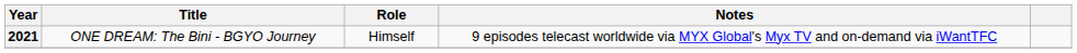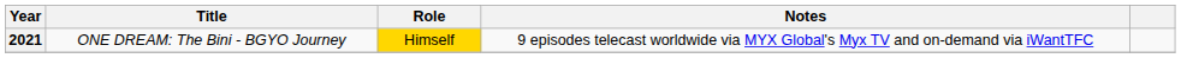 <table class="wikitable sortable plainrowheaders" style="text-align:center;">
 <tr>
 <th style="width:1em;" scope="col">Year</th>
 <th style="width:25em;" scope="col">Title</th>
 <th style="width:7em;" scope="col">Role</th>
 <th style="width:50em;" scope="col">Notes</th>
 <th style="width:3em;" scope="col"></th>
 </tr>
 <tr>
 <th style="text-align:center" scope="row"><strong>2021</strong></th>
 <td><em>ONE DREAM: The Bini - BGYO Journey</em></td>
-<td style="text-align:center;" rowspan="1">Himself</td>
+<td style="background: gold; text-align:center;" rowspan="1">Himself</td>
 <td>9 episodes telecast worldwide via <a href='#'>MYX Global</a>'s <a href='#'>Myx TV</a> and on-demand via <a href='#'>iWantTFC</a></td>
 <td style="text-align:center"></td>
 </tr>
 <tr>
 </tr>
 </table>
